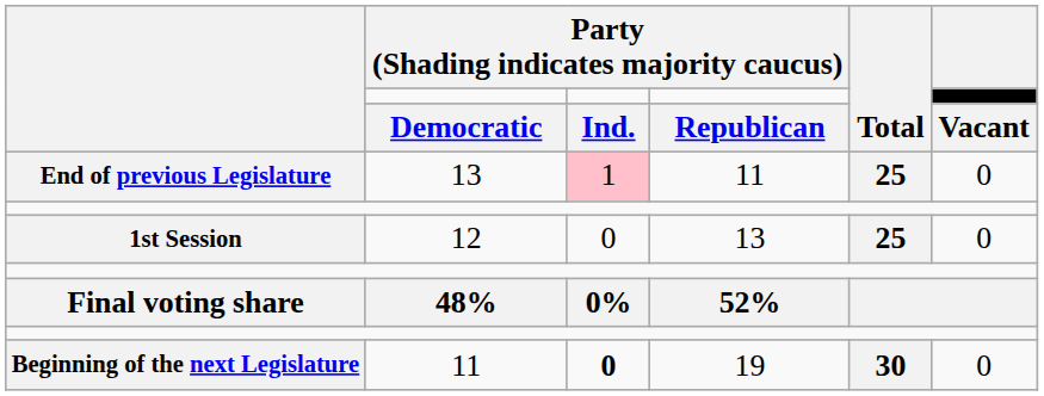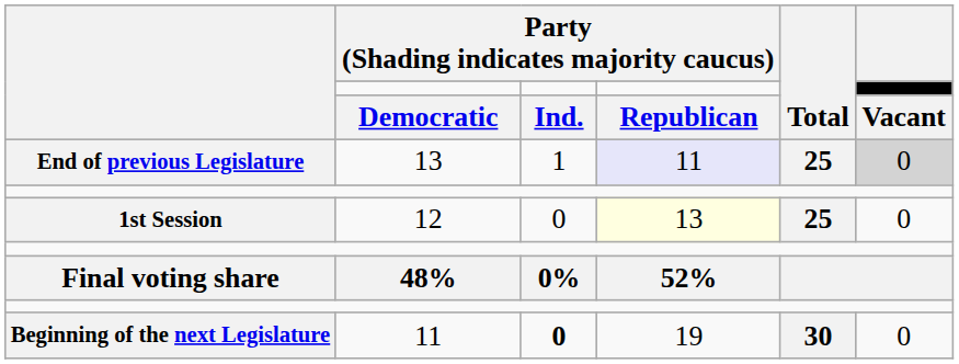 <table class=wikitable style="text-align:center">
 <tr style="vertical-align:bottom;">
 <th rowspan=3></th>
 <th colspan=3>Party <div>(Shading indicates majority caucus)</div></th>
 <th rowspan=3>Total</th>
 <th></th>
 </tr>
 <tr style="height:5px">
 <td style="background-color:"></td>
 <td style="background-color:"></td>
 <td style="background-color:"></td>
 <td style="background:black;"></td>
 </tr>
 <tr>
 <th><a href='#'>Democratic</a></th>
 <th><a href='#'>Ind.</a></th>
 <th><a href='#'>Republican</a></th>
 <th>Vacant</th>
 </tr>
 <tr>
 <th style="font-size:80%;">End of <a href='#'>previous Legislature</a></th>
 <td>13</td>
-<td style="background: pink;">1</td>
-<td>11</td>
+<td>1</td>
+<td style="background: lavender;">11</td>
 <th>25</th>
-<td>0</td>
+<td style="background: lightgrey;">0</td>
 </tr>
 <tr>
 <td colspan=6></td>
 </tr>
 <tr>
 <th style="font-size:80%;">1st Session</th>
 <td>12</td>
 <td>0</td>
-<td>13</td>
+<td style="background: lightyellow;">13</td>
 <th>25</th>
 <td>0</td>
 </tr>
 <tr>
 <td colspan=6></td>
 </tr>
 <tr>
 <th>Final voting share</th>
 <th>48%</th>
 <th>0%</th>
 <th>52%</th>
 <th colspan=2></th>
 </tr>
 <tr>
 <td colspan=6></td>
 </tr>
 <tr>
 <th style="font-size:80%;">Beginning of the <a href='#'>next Legislature</a></th>
 <td>11</td>
 <td><strong>0</strong></td>
 <td>19</td>
 <th>30</th>
 <td>0</td>
 </tr>
 </table>
